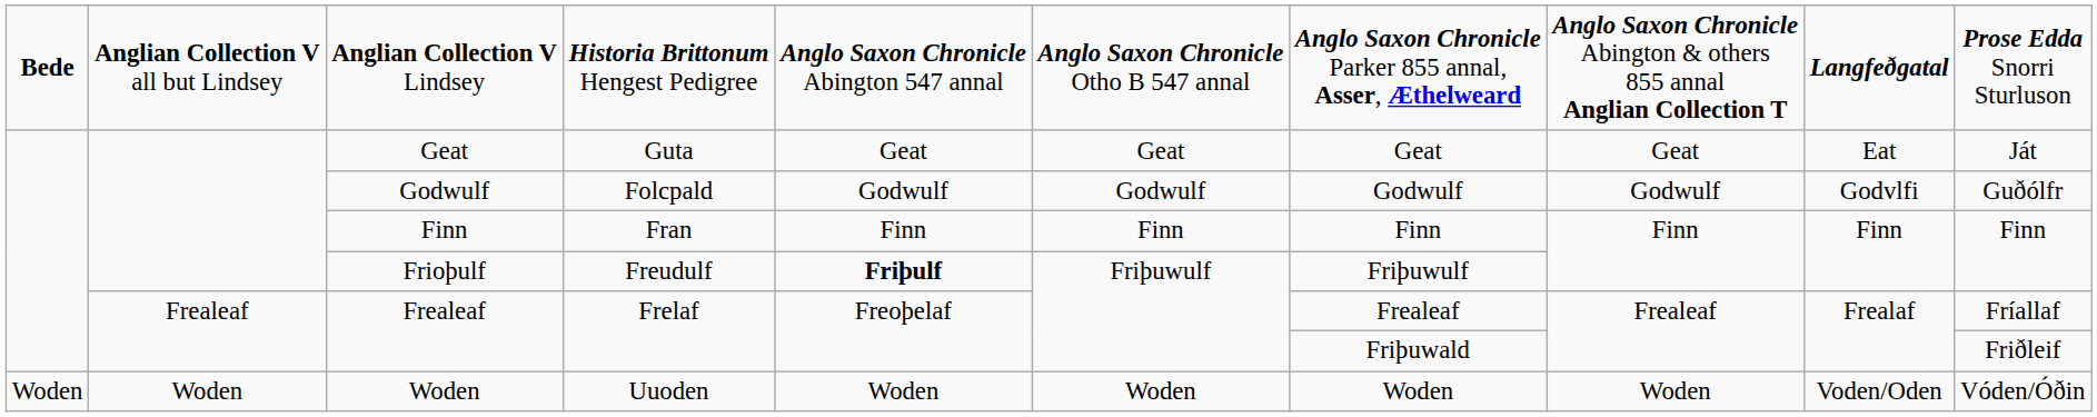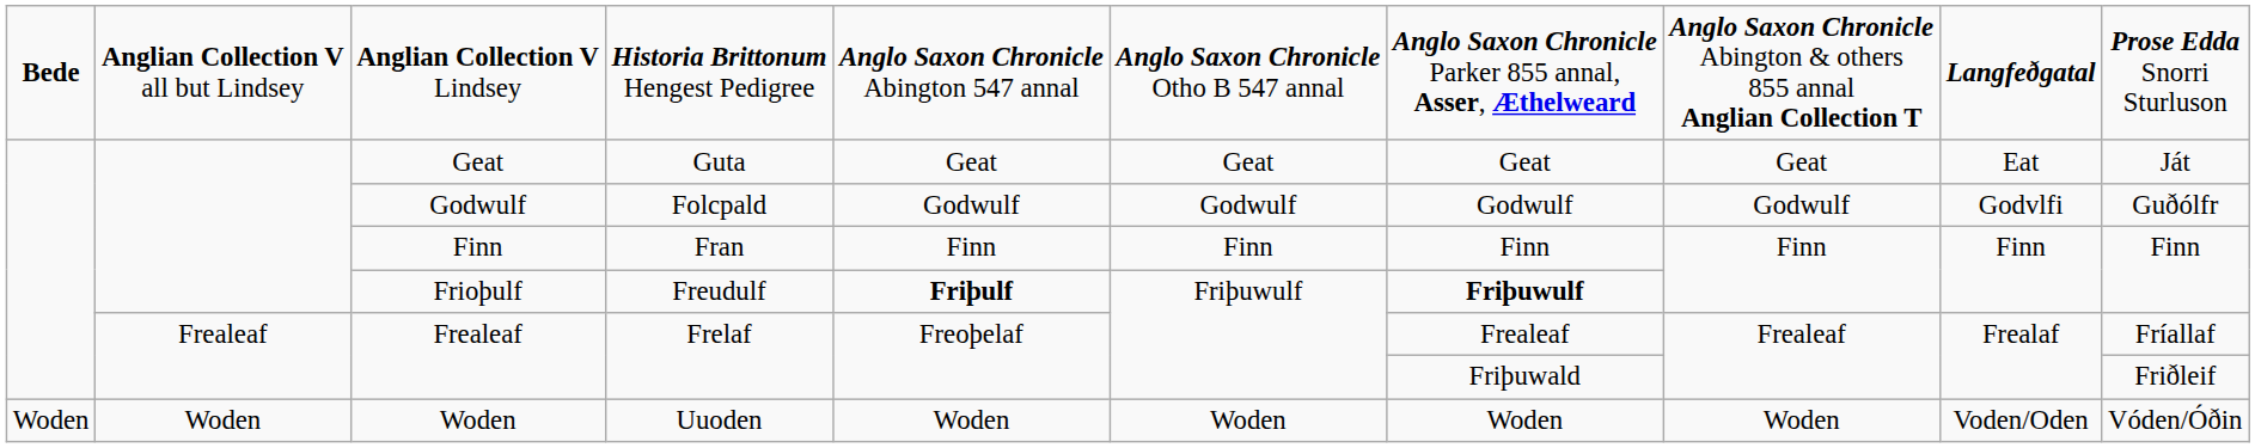 <table class="wikitable" style="text-align: center; margin: 0.5em 0px 0.5em 1em;">
 <tr>
 <td><strong>Bede</strong></td>
 <td><strong>Anglian Collection V</strong><br>all but Lindsey</td>
 <td><strong>Anglian Collection V</strong><br>Lindsey</td>
 <td><strong><em>Historia Brittonum</em></strong><br>Hengest Pedigree</td>
 <td><strong><em>Anglo Saxon Chronicle</em></strong><br>Abington 547 annal</td>
 <td><strong><em>Anglo Saxon Chronicle</em></strong><br>Otho B 547 annal</td>
 <td><strong><em>Anglo Saxon Chronicle</em></strong><br>Parker 855 annal,<br><strong>Asser</strong>, <strong><a href='#'>Æthelweard</a></strong></td>
 <td><strong><em>Anglo Saxon Chronicle</em></strong><br>Abington & others<br>855 annal<br><strong>Anglian Collection T</strong></td>
 <td><strong><em>Langfeðgatal</em></strong></td>
 <td><strong><em>Prose Edda</em></strong><br>Snorri<br>Sturluson</td>
 </tr>
 <tr>
 <td rowspan="6" valign="top"></td>
 <td rowspan="4" valign="top"></td>
 <td>Geat</td>
 <td>Guta</td>
 <td>Geat</td>
 <td>Geat</td>
 <td>Geat</td>
 <td>Geat</td>
 <td>Eat</td>
 <td>Ját</td>
 </tr>
 <tr>
 <td>Godwulf</td>
 <td>Folcpald</td>
 <td>Godwulf</td>
 <td>Godwulf</td>
 <td>Godwulf</td>
 <td>Godwulf</td>
 <td>Godvlfi</td>
 <td>Guðólfr</td>
 </tr>
 <tr>
 <td>Finn</td>
 <td>Fran</td>
 <td>Finn</td>
 <td>Finn</td>
 <td>Finn</td>
 <td rowspan="2" valign="top">Finn</td>
 <td rowspan="2" valign="top">Finn</td>
 <td rowspan="2" valign="top">Finn</td>
 </tr>
 <tr>
 <td>Frioþulf</td>
 <td>Freudulf</td>
 <td><strong>Friþulf</strong></td>
 <td rowspan="3" valign="top">Friþuwulf</td>
-<td>Friþuwulf</td>
+<td><strong>Friþuwulf</strong></td>
 </tr>
 <tr>
 <td rowspan="2" valign="top">Frealeaf</td>
 <td rowspan="2" valign="top">Frealeaf</td>
 <td rowspan="2" valign="top">Frelaf</td>
 <td rowspan="2" valign="top">Freoþelaf</td>
 <td>Frealeaf</td>
 <td rowspan="2" valign="top">Frealeaf</td>
 <td rowspan="2" valign="top">Frealaf</td>
 <td>Fríallaf</td>
 </tr>
 <tr>
 <td>Friþuwald</td>
 <td>Friðleif</td>
 </tr>
 <tr>
 <td>Woden</td>
 <td>Woden</td>
 <td>Woden</td>
 <td>Uuoden</td>
 <td>Woden</td>
 <td>Woden</td>
 <td>Woden</td>
 <td>Woden</td>
 <td>Voden/Oden</td>
 <td>Vóden/Óðin</td>
 </tr>
 </table>
